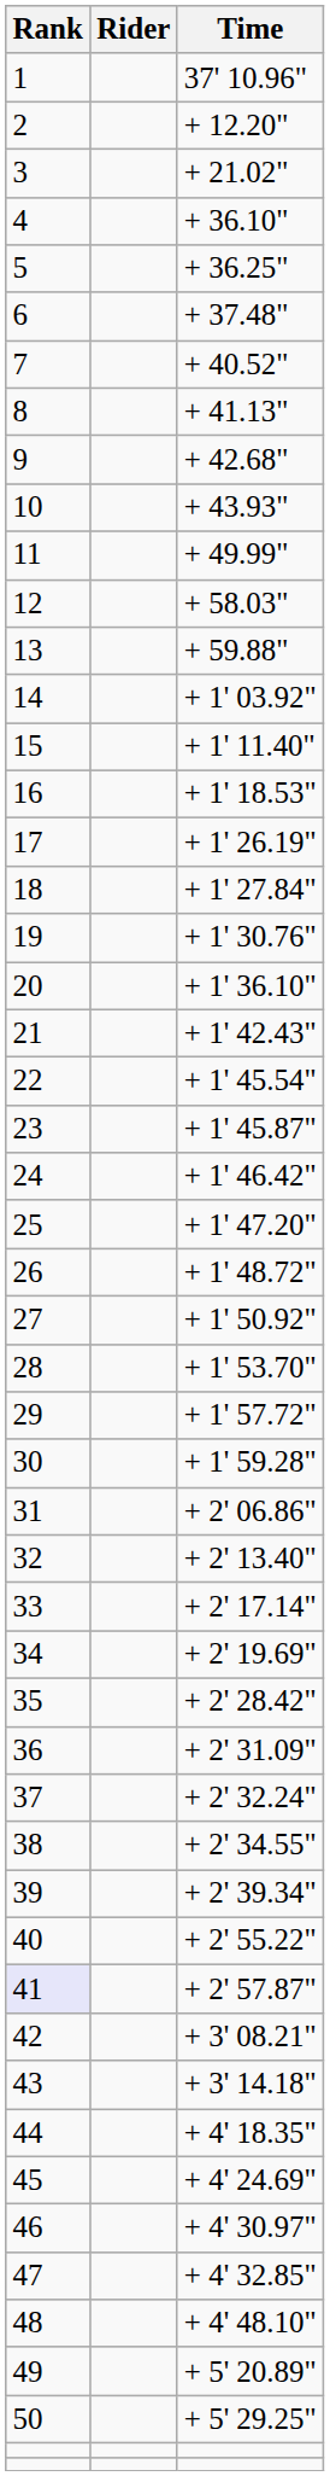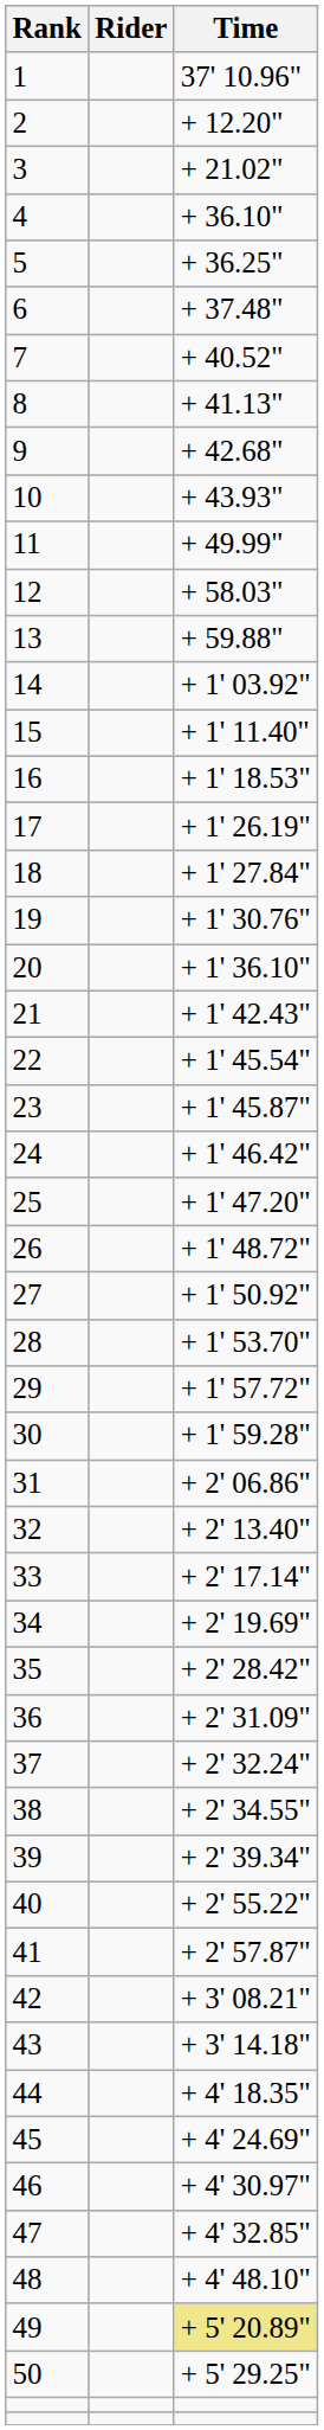 <table class="wikitable">
 <tr>
 <th>Rank</th>
 <th>Rider</th>
 <th>Time</th>
 </tr>
 <tr>
 <td>1</td>
 <td></td>
 <td>37' 10.96"</td>
 </tr>
 <tr>
 <td>2</td>
 <td></td>
 <td>+ 12.20"</td>
 </tr>
 <tr>
 <td>3</td>
 <td></td>
 <td>+ 21.02"</td>
 </tr>
 <tr>
 <td>4</td>
 <td></td>
 <td>+ 36.10"</td>
 </tr>
 <tr>
 <td>5</td>
 <td></td>
 <td>+ 36.25"</td>
 </tr>
 <tr>
 <td>6</td>
 <td></td>
 <td>+ 37.48"</td>
 </tr>
 <tr>
 <td>7</td>
 <td></td>
 <td>+ 40.52"</td>
 </tr>
 <tr>
 <td>8</td>
 <td></td>
 <td>+ 41.13"</td>
 </tr>
 <tr>
 <td>9</td>
 <td></td>
 <td>+ 42.68"</td>
 </tr>
 <tr>
 <td>10</td>
 <td></td>
 <td>+ 43.93"</td>
 </tr>
 <tr>
 <td>11</td>
 <td></td>
 <td>+ 49.99"</td>
 </tr>
 <tr>
 <td>12</td>
 <td></td>
 <td>+ 58.03"</td>
 </tr>
 <tr>
 <td>13</td>
 <td></td>
 <td>+ 59.88"</td>
 </tr>
 <tr>
 <td>14</td>
 <td></td>
 <td>+ 1' 03.92"</td>
 </tr>
 <tr>
 <td>15</td>
 <td></td>
 <td>+ 1' 11.40"</td>
 </tr>
 <tr>
 <td>16</td>
 <td></td>
 <td>+ 1' 18.53"</td>
 </tr>
 <tr>
 <td>17</td>
 <td></td>
 <td>+ 1' 26.19"</td>
 </tr>
 <tr>
 <td>18</td>
 <td></td>
 <td>+ 1' 27.84"</td>
 </tr>
 <tr>
 <td>19</td>
 <td></td>
 <td>+ 1' 30.76"</td>
 </tr>
 <tr>
 <td>20</td>
 <td></td>
 <td>+ 1' 36.10"</td>
 </tr>
 <tr>
 <td>21</td>
 <td></td>
 <td>+ 1' 42.43"</td>
 </tr>
 <tr>
 <td>22</td>
 <td></td>
 <td>+ 1' 45.54"</td>
 </tr>
 <tr>
 <td>23</td>
 <td></td>
 <td>+ 1' 45.87"</td>
 </tr>
 <tr>
 <td>24</td>
 <td></td>
 <td>+ 1' 46.42"</td>
 </tr>
 <tr>
 <td>25</td>
 <td></td>
 <td>+ 1' 47.20"</td>
 </tr>
 <tr>
 <td>26</td>
 <td></td>
 <td>+ 1' 48.72"</td>
 </tr>
 <tr>
 <td>27</td>
 <td></td>
 <td>+ 1' 50.92"</td>
 </tr>
 <tr>
 <td>28</td>
 <td></td>
 <td>+ 1' 53.70"</td>
 </tr>
 <tr>
 <td>29</td>
 <td></td>
 <td>+ 1' 57.72"</td>
 </tr>
 <tr>
 <td>30</td>
 <td></td>
 <td>+ 1' 59.28"</td>
 </tr>
 <tr>
 <td>31</td>
 <td></td>
 <td>+ 2' 06.86"</td>
 </tr>
 <tr>
 <td>32</td>
 <td></td>
 <td>+ 2' 13.40"</td>
 </tr>
 <tr>
 <td>33</td>
 <td></td>
 <td>+ 2' 17.14"</td>
 </tr>
 <tr>
 <td>34</td>
 <td></td>
 <td>+ 2' 19.69"</td>
 </tr>
 <tr>
 <td>35</td>
 <td></td>
 <td>+ 2' 28.42"</td>
 </tr>
 <tr>
 <td>36</td>
 <td></td>
 <td>+ 2' 31.09"</td>
 </tr>
 <tr>
 <td>37</td>
 <td></td>
 <td>+ 2' 32.24"</td>
 </tr>
 <tr>
 <td>38</td>
 <td></td>
 <td>+ 2' 34.55"</td>
 </tr>
 <tr>
 <td>39</td>
 <td></td>
 <td>+ 2' 39.34"</td>
 </tr>
 <tr>
 <td>40</td>
 <td></td>
 <td>+ 2' 55.22"</td>
 </tr>
 <tr>
-<td style="background: lavender;">41</td>
+<td>41</td>
 <td></td>
 <td>+ 2' 57.87"</td>
 </tr>
 <tr>
 <td>42</td>
 <td></td>
 <td>+ 3' 08.21"</td>
 </tr>
 <tr>
 <td>43</td>
 <td></td>
 <td>+ 3' 14.18"</td>
 </tr>
 <tr>
 <td>44</td>
 <td></td>
 <td>+ 4' 18.35"</td>
 </tr>
 <tr>
 <td>45</td>
 <td></td>
 <td>+ 4' 24.69"</td>
 </tr>
 <tr>
 <td>46</td>
 <td></td>
 <td>+ 4' 30.97"</td>
 </tr>
 <tr>
 <td>47</td>
 <td></td>
 <td>+ 4' 32.85"</td>
 </tr>
 <tr>
 <td>48</td>
 <td></td>
 <td>+ 4' 48.10"</td>
 </tr>
 <tr>
 <td>49</td>
 <td></td>
-<td>+ 5' 20.89"</td>
+<td style="background: khaki;">+ 5' 20.89"</td>
 </tr>
 <tr>
 <td>50</td>
 <td></td>
 <td>+ 5' 29.25"</td>
 </tr>
 <tr>
 <td></td>
 <td></td>
 <td></td>
 </tr>
 <tr>
 <td></td>
 <td></td>
 <td></td>
 </tr>
 </table>
